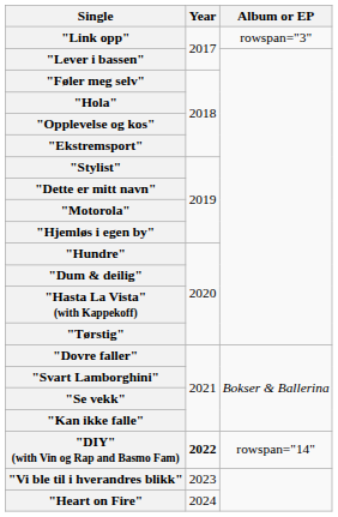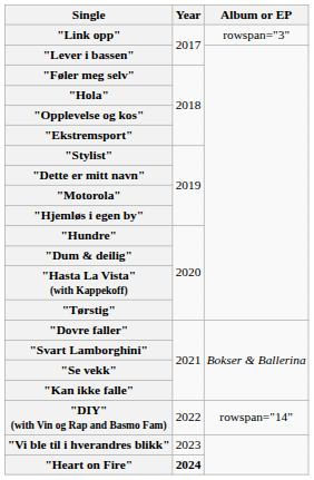 <table class="wikitable plainrowheaders" style="text-align:center;">
 <tr>
 <th scope="col">Single</th>
 <th scope="col">Year</th>
 <th scope="col">Album or EP</th>
 </tr>
 <tr>
 <th scope="row">"Link opp"</th>
 <td rowspan="2">2017</td>
 <td>rowspan="3" </td>
 </tr>
 <tr>
 <th scope="row">"Lever i bassen"</th>
 </tr>
 <tr>
 <th scope="row">"Føler meg selv"</th>
 <td rowspan="4">2018</td>
 </tr>
 <tr>
 <th scope="row">"Hola"</th>
 </tr>
 <tr>
 <th scope="row">"Opplevelse og kos"</th>
 </tr>
 <tr>
 <th scope="row">"Ekstremsport"</th>
 </tr>
 <tr>
 <th scope="row">"Stylist"</th>
 <td rowspan="4">2019</td>
 </tr>
 <tr>
 <th scope="row">"Dette er mitt navn"</th>
 </tr>
 <tr>
 <th scope="row">"Motorola"</th>
 </tr>
 <tr>
 <th scope="row">"Hjemløs i egen by"</th>
 </tr>
 <tr>
 <th scope="row">"Hundre"</th>
 <td rowspan="4">2020</td>
 </tr>
 <tr>
 <th scope="row">"Dum & deilig"</th>
 </tr>
 <tr>
 <th scope="row">"Hasta La Vista"<br><small>(with Kappekoff)</small></th>
 </tr>
 <tr>
 <th scope="row">"Tørstig"</th>
 </tr>
 <tr>
 <th scope="row">"Dovre faller"</th>
 <td rowspan="4">2021</td>
 <td rowspan="4"><em>Bokser & Ballerina</em></td>
 </tr>
 <tr>
 <th scope="row">"Svart Lamborghini"</th>
 </tr>
 <tr>
 <th scope="row">"Se vekk"</th>
 </tr>
 <tr>
 <th scope="row">"Kan ikke falle"</th>
 </tr>
 <tr>
 <th scope="row">"DIY"<br><small>(with Vin og Rap and Basmo Fam)</small></th>
-<td><strong>2022</strong></td>
+<td>2022</td>
 <td>rowspan="14" </td>
 </tr>
 <tr>
 <th scope="row">"Vi ble til i hverandres blikk"</th>
 <td>2023</td>
 </tr>
 <tr>
 <th scope="row">"Heart on Fire"</th>
-<td>2024</td>
+<td><strong>2024</strong></td>
 </tr>
 </table>
